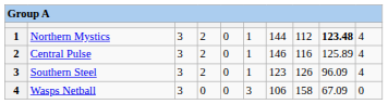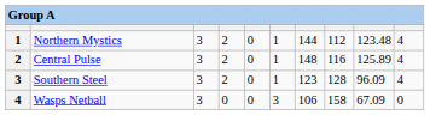 <table class="wikitable collapsible">
 <tr>
 <td colspan=11 style="background-color:#ABCDEF"><strong>Group A</strong></td>
 </tr>
 <tr>
 <th width="25"></th>
 <th width="200"></th>
 <th width="25"></th>
 <th width="25"></th>
 <th width="25"></th>
 <th width="25"></th>
 <th width="30"></th>
 <th width="30"></th>
 <th width="30"></th>
 <th width="30"></th>
 </tr>
 <tr style="background:#">
 <th>1</th>
 <td style="text-align:left;"> <a href='#'>Northern Mystics</a></td>
 <td>3</td>
 <td>2</td>
 <td>0</td>
 <td>1</td>
 <td>144</td>
 <td>112</td>
-<td><strong>123.48</strong></td>
+<td>123.48</td>
 <td>4</td>
 </tr>
 <tr style="background:#">
 <th>2</th>
 <td style="text-align:left;"> <a href='#'>Central Pulse</a></td>
 <td>3</td>
 <td>2</td>
 <td>0</td>
 <td>1</td>
-<td>146</td>
+<td>148</td>
 <td>116</td>
 <td>125.89</td>
 <td>4</td>
 </tr>
 <tr style="background:#">
 <th>3</th>
 <td style="text-align:left;"> <a href='#'>Southern Steel</a></td>
 <td>3</td>
 <td>2</td>
 <td>0</td>
 <td>1</td>
 <td>123</td>
-<td>126</td>
+<td>128</td>
 <td>96.09</td>
 <td>4</td>
 </tr>
 <tr style="background:#">
 <th>4</th>
 <td style="text-align:left;"> <a href='#'>Wasps Netball</a></td>
 <td>3</td>
 <td>0</td>
 <td>0</td>
 <td>3</td>
 <td>106</td>
 <td>158</td>
 <td>67.09</td>
 <td>0</td>
 </tr>
 </table>
